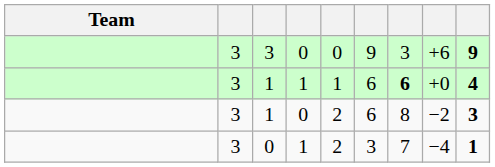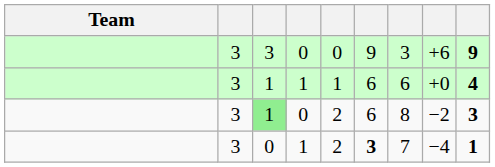 <table class="wikitable" style="text-align: center;">
 <tr>
 <th width="165">Team</th>
 <th width="20"></th>
 <th width="20"></th>
 <th width="20"></th>
 <th width="20"></th>
 <th width="20"></th>
 <th width="20"></th>
 <th width="20"></th>
 <th width="20"></th>
 </tr>
 <tr bgcolor=ccffcc>
 <td align=left></td>
 <td>3</td>
 <td>3</td>
 <td>0</td>
 <td>0</td>
 <td>9</td>
 <td>3</td>
 <td>+6</td>
 <td><strong>9</strong></td>
 </tr>
 <tr bgcolor=ccffcc>
 <td align=left></td>
 <td>3</td>
 <td>1</td>
 <td>1</td>
 <td>1</td>
 <td>6</td>
-<td><strong>6</strong></td>
+<td>6</td>
 <td>+0</td>
 <td><strong>4</strong></td>
 </tr>
 <tr>
 <td align=left></td>
 <td>3</td>
-<td>1</td>
+<td style="background: lightgreen;">1</td>
 <td>0</td>
 <td>2</td>
 <td>6</td>
 <td>8</td>
 <td>−2</td>
 <td><strong>3</strong></td>
 </tr>
 <tr>
 <td align=left></td>
 <td>3</td>
 <td>0</td>
 <td>1</td>
 <td>2</td>
-<td>3</td>
+<td><strong>3</strong></td>
 <td>7</td>
 <td>−4</td>
 <td><strong>1</strong></td>
 </tr>
 </table>
